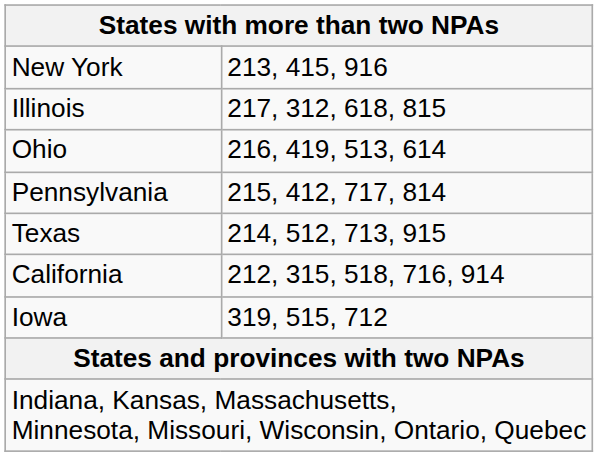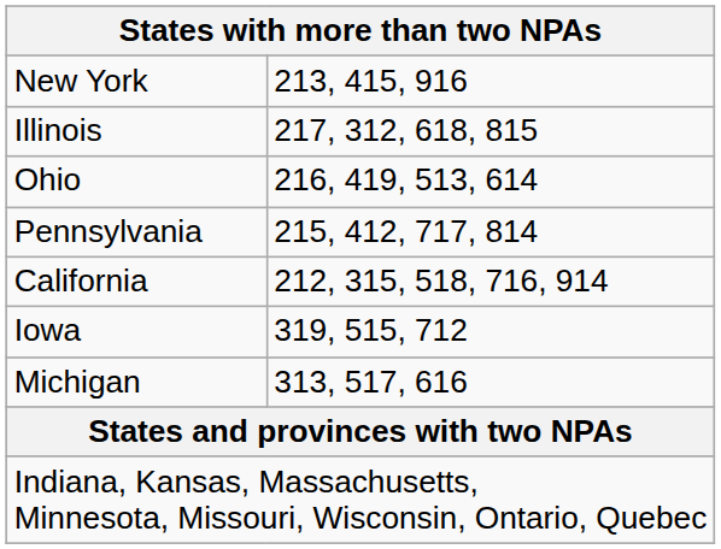 <table class=wikitable style="float:right;">
 <tr>
 <th colspan=2>States with more than two NPAs</th>
 </tr>
 <tr>
 <td>New York</td>
 <td>213, 415, 916</td>
 </tr>
 <tr>
 <td>Illinois</td>
 <td>217, 312, 618, 815</td>
 </tr>
 <tr>
 <td>Ohio</td>
 <td>216, 419, 513, 614</td>
 </tr>
 <tr>
 <td>Pennsylvania</td>
 <td>215, 412, 717, 814</td>
 </tr>
 <tr>
-<td>Texas</td>
-<td>214, 512, 713, 915</td>
-</tr>
-<tr>
 <td>California</td>
 <td>212, 315, 518, 716, 914</td>
 </tr>
 <tr>
 <td>Iowa</td>
 <td>319, 515, 712</td>
 </tr>
 <tr>
+<td>Michigan</td>
+<td>313, 517, 616</td>
+</tr>
+<tr>
 <th colspan=2>States and provinces with two NPAs</th>
 </tr>
 <tr>
 <td colspan=2>Indiana, Kansas, Massachusetts,<br>Minnesota, Missouri, Wisconsin, Ontario, Quebec</td>
 </tr>
 </table>
